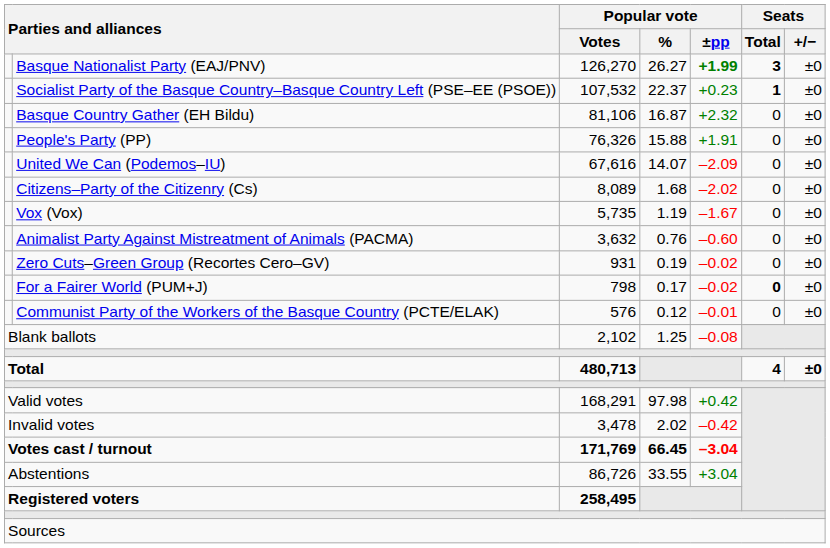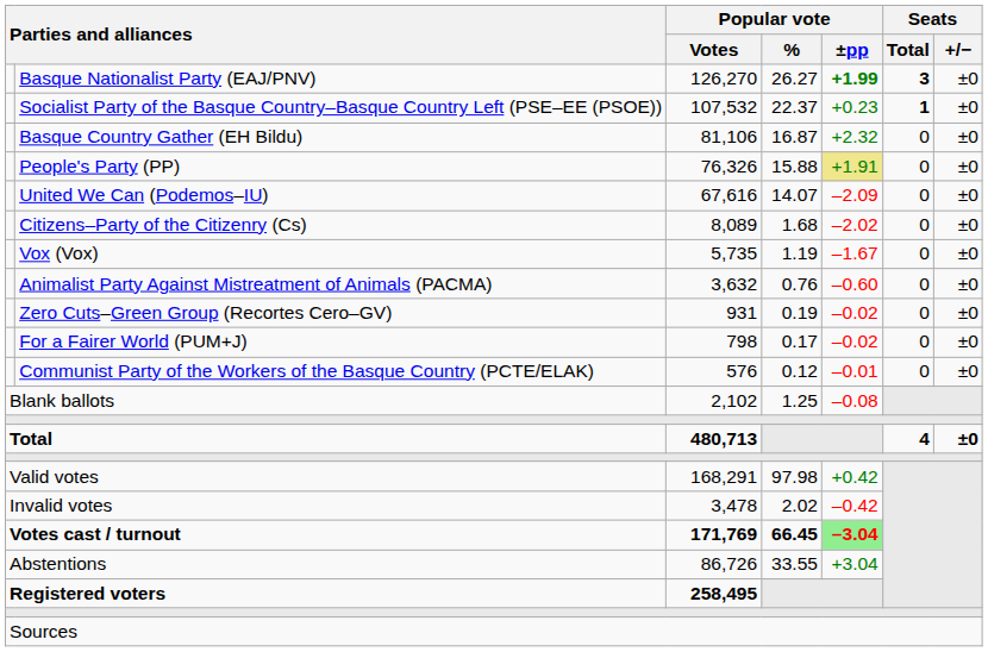 <table class="wikitable" style="text-align:right;">
 <tr>
 <th style="text-align:left;" rowspan="2" colspan="2" width="525">Parties and alliances</th>
 <th colspan="3">Popular vote</th>
 <th colspan="2">Seats</th>
 </tr>
 <tr>
 <th width="75">Votes</th>
 <th width="45">%</th>
 <th width="45">±<a href='#'>pp</a></th>
 <th width="35">Total</th>
 <th width="35">+/−</th>
 </tr>
 <tr>
 <td width="1" style="color:inherit;background:"></td>
 <td align="left"><a href='#'>Basque Nationalist Party</a> (EAJ/PNV)</td>
 <td>126,270</td>
 <td>26.27</td>
 <td style="color:green;"><strong>+1.99</strong></td>
 <td><strong>3</strong></td>
 <td>±0</td>
 </tr>
 <tr>
 <td style="color:inherit;background:"></td>
 <td align="left"><a href='#'>Socialist Party of the Basque Country–Basque Country Left</a> (PSE–EE (PSOE))</td>
 <td>107,532</td>
 <td>22.37</td>
 <td style="color:green;">+0.23</td>
 <td><strong>1</strong></td>
 <td>±0</td>
 </tr>
 <tr>
 <td style="color:inherit;background:"></td>
 <td align="left"><a href='#'>Basque Country Gather</a> (EH Bildu)</td>
 <td>81,106</td>
 <td>16.87</td>
 <td style="color:green;">+2.32</td>
 <td>0</td>
 <td>±0</td>
 </tr>
 <tr>
 <td style="color:inherit;background:"></td>
 <td align="left"><a href='#'>People's Party</a> (PP)</td>
 <td>76,326</td>
 <td>15.88</td>
-<td style="color:green;">+1.91</td>
+<td style="background: khaki; color:green;">+1.91</td>
 <td>0</td>
 <td>±0</td>
 </tr>
 <tr>
 <td style="color:inherit;background:"></td>
 <td align="left"><a href='#'>United We Can</a> (<a href='#'>Podemos</a>–<a href='#'>IU</a>)</td>
 <td>67,616</td>
 <td>14.07</td>
 <td style="color:red;">–2.09</td>
 <td>0</td>
 <td>±0</td>
 </tr>
 <tr>
 <td style="color:inherit;background:"></td>
 <td align="left"><a href='#'>Citizens–Party of the Citizenry</a> (Cs)</td>
 <td>8,089</td>
 <td>1.68</td>
 <td style="color:red;">–2.02</td>
 <td>0</td>
 <td>±0</td>
 </tr>
 <tr>
 <td style="color:inherit;background:"></td>
 <td align="left"><a href='#'>Vox</a> (Vox)</td>
 <td>5,735</td>
 <td>1.19</td>
 <td style="color:red;">–1.67</td>
 <td>0</td>
 <td>±0</td>
 </tr>
 <tr>
 <td style="color:inherit;background:"></td>
 <td align="left"><a href='#'>Animalist Party Against Mistreatment of Animals</a> (PACMA)</td>
 <td>3,632</td>
 <td>0.76</td>
 <td style="color:red;">–0.60</td>
 <td>0</td>
 <td>±0</td>
 </tr>
 <tr>
 <td style="color:inherit;background:"></td>
 <td align="left"><a href='#'>Zero Cuts</a>–<a href='#'>Green Group</a> (Recortes Cero–GV)</td>
 <td>931</td>
 <td>0.19</td>
 <td style="color:red;">–0.02</td>
 <td>0</td>
 <td>±0</td>
 </tr>
 <tr>
 <td style="color:inherit;background:"></td>
 <td align="left"><a href='#'>For a Fairer World</a> (PUM+J)</td>
 <td>798</td>
 <td>0.17</td>
 <td style="color:red;">–0.02</td>
-<td><strong>0</strong></td>
+<td>0</td>
 <td>±0</td>
 </tr>
 <tr>
 <td style="color:inherit;background:"></td>
 <td align="left"><a href='#'>Communist Party of the Workers of the Basque Country</a> (PCTE/ELAK)</td>
 <td>576</td>
 <td>0.12</td>
 <td style="color:red;">–0.01</td>
 <td>0</td>
 <td>±0</td>
 </tr>
 <tr>
 <td align="left" colspan="2">Blank ballots</td>
 <td>2,102</td>
 <td>1.25</td>
 <td style="color:red;">–0.08</td>
 <td bgcolor="#E9E9E9" colspan="2"></td>
 </tr>
 <tr>
 <td colspan="7" bgcolor="#E9E9E9"></td>
 </tr>
 <tr style="font-weight:bold;">
 <td align="left" colspan="2">Total</td>
 <td>480,713</td>
 <td bgcolor="#E9E9E9" colspan="2"></td>
 <td>4</td>
 <td>±0</td>
 </tr>
 <tr>
 <td colspan="7" bgcolor="#E9E9E9"></td>
 </tr>
 <tr>
 <td align="left" colspan="2">Valid votes</td>
 <td>168,291</td>
 <td>97.98</td>
 <td style="color:green;">+0.42</td>
 <td bgcolor="#E9E9E9" colspan="2" rowspan="5"></td>
 </tr>
 <tr>
 <td align="left" colspan="2">Invalid votes</td>
 <td>3,478</td>
 <td>2.02</td>
 <td style="color:red;">–0.42</td>
 </tr>
 <tr style="font-weight:bold;">
 <td align="left" colspan="2">Votes cast / turnout</td>
 <td>171,769</td>
 <td>66.45</td>
-<td style="color:red;">–3.04</td>
+<td style="background: lightgreen; color:red;">–3.04</td>
 </tr>
 <tr>
 <td align="left" colspan="2">Abstentions</td>
 <td>86,726</td>
 <td>33.55</td>
 <td style="color:green;">+3.04</td>
 </tr>
 <tr style="font-weight:bold;">
 <td align="left" colspan="2">Registered voters</td>
 <td>258,495</td>
 <td bgcolor="#E9E9E9" colspan="2"></td>
 </tr>
 <tr>
 <td colspan="7" bgcolor="#E9E9E9"></td>
 </tr>
 <tr>
 <td align="left" colspan="7">Sources</td>
 </tr>
 </table>
